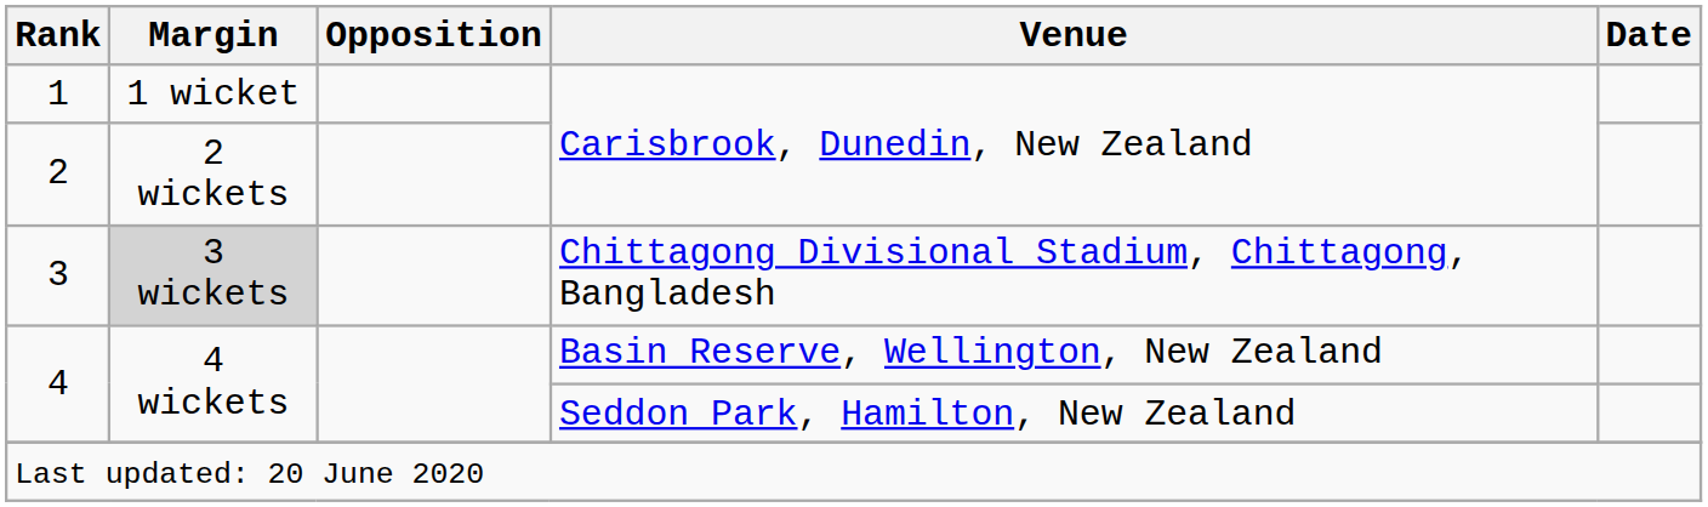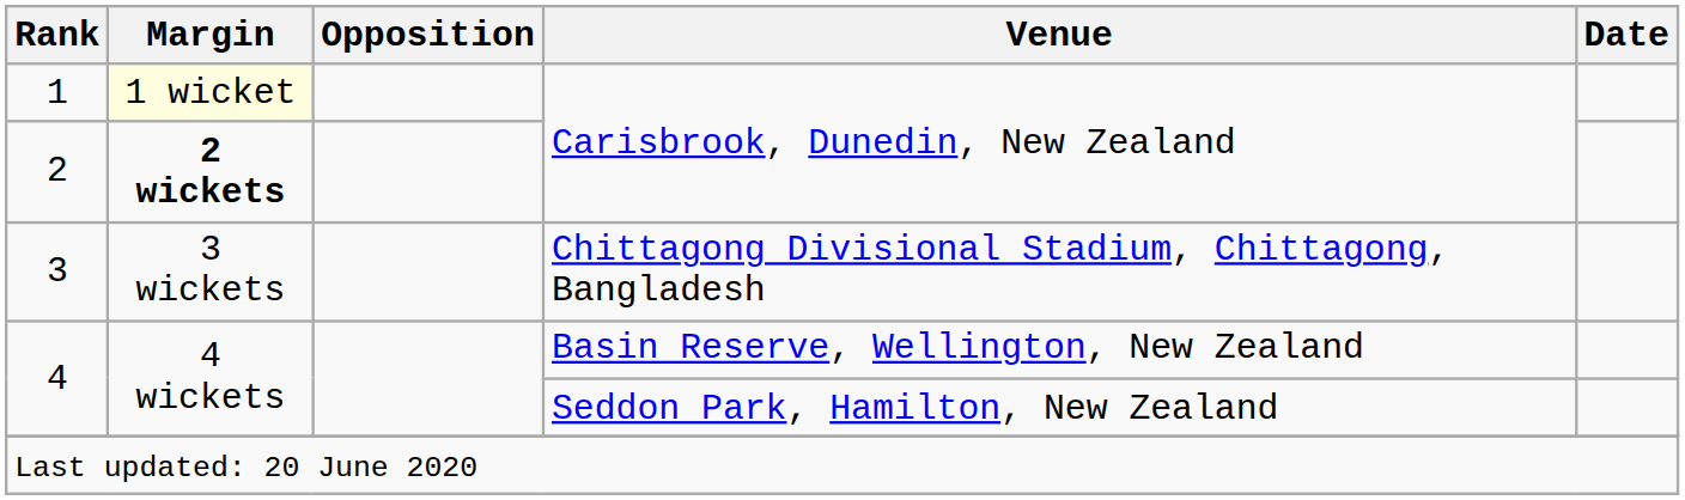 <table class="wikitable plainrowheaders sortable">
 <tr>
 <th scope=col>Rank</th>
 <th scope=col>Margin</th>
 <th scope=col>Opposition</th>
 <th scope=col>Venue</th>
 <th scope=col>Date</th>
 </tr>
 <tr>
 <td align=center>1</td>
-<td align=center>1 wicket</td>
+<td align=center style="background: lightyellow;">1 wicket</td>
 <td></td>
 <td rowspan=2><a href='#'>Carisbrook</a>, <a href='#'>Dunedin</a>, New Zealand</td>
 <td></td>
 </tr>
 <tr>
 <td align=center>2</td>
-<td align=center>2 wickets</td>
+<td align=center><strong>2 wickets</strong></td>
 <td></td>
 <td></td>
 </tr>
 <tr>
 <td align=center>3</td>
-<td align=center style="background: lightgrey;">3 wickets</td>
+<td align=center>3 wickets</td>
 <td></td>
 <td><a href='#'>Chittagong Divisional Stadium</a>, <a href='#'>Chittagong</a>, Bangladesh</td>
 <td></td>
 </tr>
 <tr>
 <td align=center rowspan=2>4</td>
 <td align=center rowspan=2>4 wickets</td>
 <td rowspan=2></td>
 <td><a href='#'>Basin Reserve</a>, <a href='#'>Wellington</a>, New Zealand</td>
 <td></td>
 </tr>
 <tr>
 <td><a href='#'>Seddon Park</a>, <a href='#'>Hamilton</a>, New Zealand</td>
 <td></td>
 </tr>
 <tr>
 </tr>
 <tr class=sortbottom>
 <td colspan=6><small>Last updated: 20 June 2020</small></td>
 </tr>
 </table>
